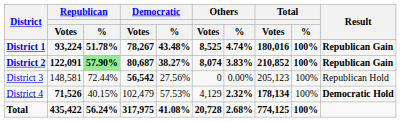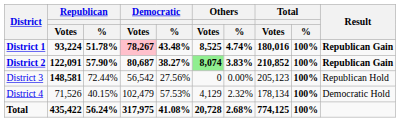 <table class="wikitable plainrowheaders sortable" style="font-size:100%; text-align:right;">
 <tr>
 <th scope=col rowspan=3><a href='#'>District</a></th>
 <th scope=col colspan=2><a href='#'>Republican</a></th>
 <th scope=col colspan=2><a href='#'>Democratic</a></th>
 <th scope=col colspan=2>Others</th>
 <th scope=col colspan=2>Total</th>
 <th scope=col rowspan=3>Result</th>
 </tr>
 <tr>
 <th scope=col colspan=2 style="background:"></th>
 <th scope=col colspan=2 style="background:"></th>
 <th scope=col colspan=2></th>
 <th scope=col colspan=2></th>
 </tr>
 <tr>
 <th scope=col data-sort-type="number">Votes</th>
 <th scope=col data-sort-type="number">%</th>
 <th scope=col data-sort-type="number">Votes</th>
 <th scope=col data-sort-type="number">%</th>
 <th scope=col data-sort-type="number">Votes</th>
 <th scope=col data-sort-type="number">%</th>
 <th scope=col data-sort-type="number">Votes</th>
 <th scope=col data-sort-type="number">%</th>
 </tr>
 <tr>
 <td align=left><strong><a href='#'>District 1</a></strong></td>
 <td><strong>93,224</strong></td>
 <td><strong>51.78%</strong></td>
-<td><strong>78,267</strong></td>
+<td style="background: pink;"><strong>78,267</strong></td>
 <td><strong>43.48%</strong></td>
 <td><strong>8,525</strong></td>
 <td><strong>4.74%</strong></td>
 <td><strong>180,016</strong></td>
 <td><strong>100%</strong></td>
 <td align=left><strong>Republican Gain</strong></td>
 </tr>
 <tr>
 <td align=left><strong><a href='#'>District 2</a></strong></td>
 <td><strong>122,091</strong></td>
-<td style="background: lightgreen;"><strong>57.90%</strong></td>
+<td><strong>57.90%</strong></td>
 <td><strong>80,687</strong></td>
 <td><strong>38.27%</strong></td>
-<td><strong>8,074</strong></td>
+<td style="background: lightgreen;"><strong>8,074</strong></td>
 <td><strong>3.83%</strong></td>
 <td><strong>210,852</strong></td>
 <td><strong>100%</strong></td>
 <td align=left><strong>Republican Gain</strong></td>
 </tr>
 <tr>
 <td align=left><a href='#'>District 3</a></td>
-<td>148,581</td>
+<td><strong>148,581</strong></td>
 <td>72.44%</td>
-<td><strong>56,542</strong></td>
+<td>56,542</td>
 <td>27.56%</td>
 <td>0</td>
 <td>0.00%</td>
 <td>205,123</td>
-<td>100%</td>
+<td><strong>100%</strong></td>
 <td align=left>Republican Hold</td>
 </tr>
 <tr>
 <td align=left><a href='#'>District 4</a></td>
-<td><strong>71,526</strong></td>
+<td>71,526</td>
 <td>40.15%</td>
 <td>102,479</td>
 <td>57.53%</td>
 <td>4,129</td>
-<td><strong>2.32%</strong></td>
-<td><strong>178,134</strong></td>
-<td>100%</td>
-<td align=left><strong>Democratic Hold</strong></td>
+<td>2.32%</td>
+<td>178,134</td>
+<td><strong>100%</strong></td>
+<td align=left>Democratic Hold</td>
 </tr>
 <tr class="sortbottom" style="font-weight:bold">
 <td align=left>Total</td>
 <td>435,422</td>
 <td>56.24%</td>
 <td>317,975</td>
 <td>41.08%</td>
 <td>20,728</td>
 <td>2.68%</td>
 <td>774,125</td>
 <td>100%</td>
 <td></td>
 </tr>
 </table>
